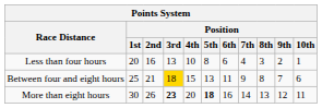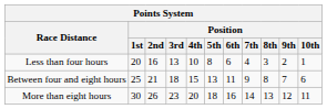 <table class="wikitable" style="font-size: 90%;">
 <tr>
 <th colspan=11>Points System</th>
 </tr>
 <tr>
 <th rowspan=2>Race Distance</th>
 <th colspan=10>Position</th>
 </tr>
 <tr>
 <th>1st</th>
 <th>2nd</th>
 <th>3rd</th>
 <th>4th</th>
 <th>5th</th>
 <th>6th</th>
 <th>7th</th>
 <th>8th</th>
 <th>9th</th>
 <th>10th</th>
 </tr>
 <tr>
 <td align="center">Less than four hours</td>
 <td>20</td>
 <td>16</td>
 <td>13</td>
 <td>10</td>
 <td>8</td>
 <td>6</td>
 <td>4</td>
 <td>3</td>
 <td>2</td>
 <td>1</td>
 </tr>
 <tr>
 <td align="center">Between four and eight hours</td>
 <td>25</td>
 <td>21</td>
-<td style="background: gold;">18</td>
+<td>18</td>
 <td>15</td>
 <td>13</td>
 <td>11</td>
 <td>9</td>
 <td>8</td>
 <td>7</td>
 <td>6</td>
 </tr>
 <tr>
 <td align="center">More than eight hours</td>
 <td>30</td>
 <td>26</td>
-<td><strong>23</strong></td>
+<td>23</td>
 <td>20</td>
-<td><strong>18</strong></td>
+<td>18</td>
 <td>16</td>
 <td>14</td>
 <td>13</td>
 <td>12</td>
 <td>11</td>
 </tr>
 </table>
